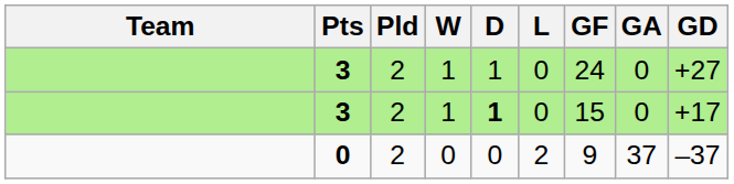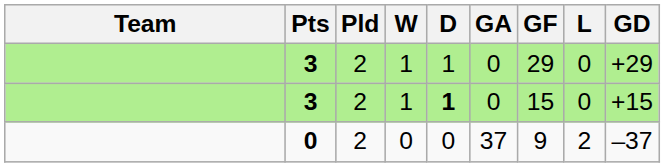 <table class="wikitable" style="text-align:center;">
 <tr>
 <th width=175>Team</th>
 <th width=20  abbr="Points">Pts</th>
 <th width=20  abbr="Played">Pld</th>
 <th width=20  abbr="Won">W</th>
 <th width=20  abbr="Drawn">D</th>
+<th width=20  abbr="Goals against">GA</th>
+<th width=20  abbr="Goals for">GF</th>
 <th width=20  abbr="Lost">L</th>
-<th width=20  abbr="Goals for">GF</th>
-<th width=20  abbr="Goals against">GA</th>
 <th width=20  abbr="Goal difference">GD</th>
 </tr>
 <tr style="background: #B0EE90;">
 <td align=left></td>
 <td><strong>3</strong></td>
 <td>2</td>
 <td>1</td>
 <td>1</td>
 <td>0</td>
-<td>24</td>
+<td>29</td>
 <td>0</td>
-<td>+27</td>
+<td>+29</td>
 </tr>
 <tr style="background: #B0EE90;">
 <td align=left></td>
 <td><strong>3</strong></td>
 <td>2</td>
 <td>1</td>
 <td><strong>1</strong></td>
 <td>0</td>
 <td>15</td>
 <td>0</td>
-<td>+17</td>
+<td>+15</td>
 </tr>
 <tr>
 <td align=left></td>
 <td><strong>0</strong></td>
 <td>2</td>
 <td>0</td>
 <td>0</td>
+<td>37</td>
+<td>9</td>
 <td>2</td>
-<td>9</td>
-<td>37</td>
 <td>–37</td>
 </tr>
 </table>
